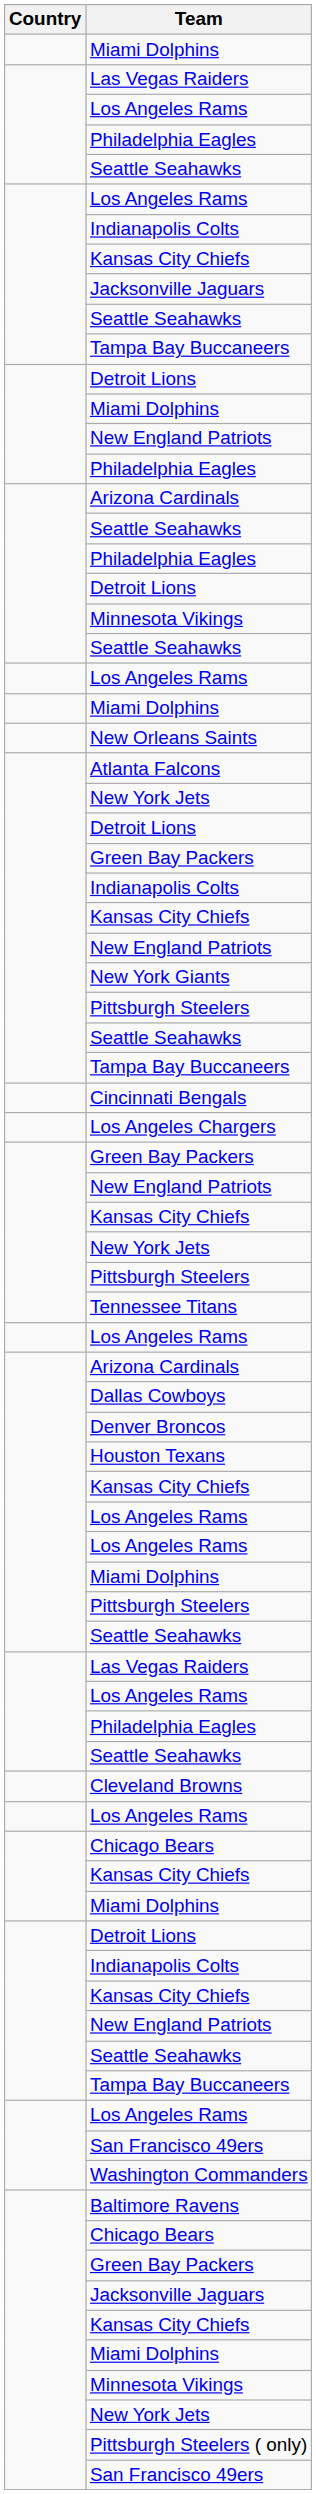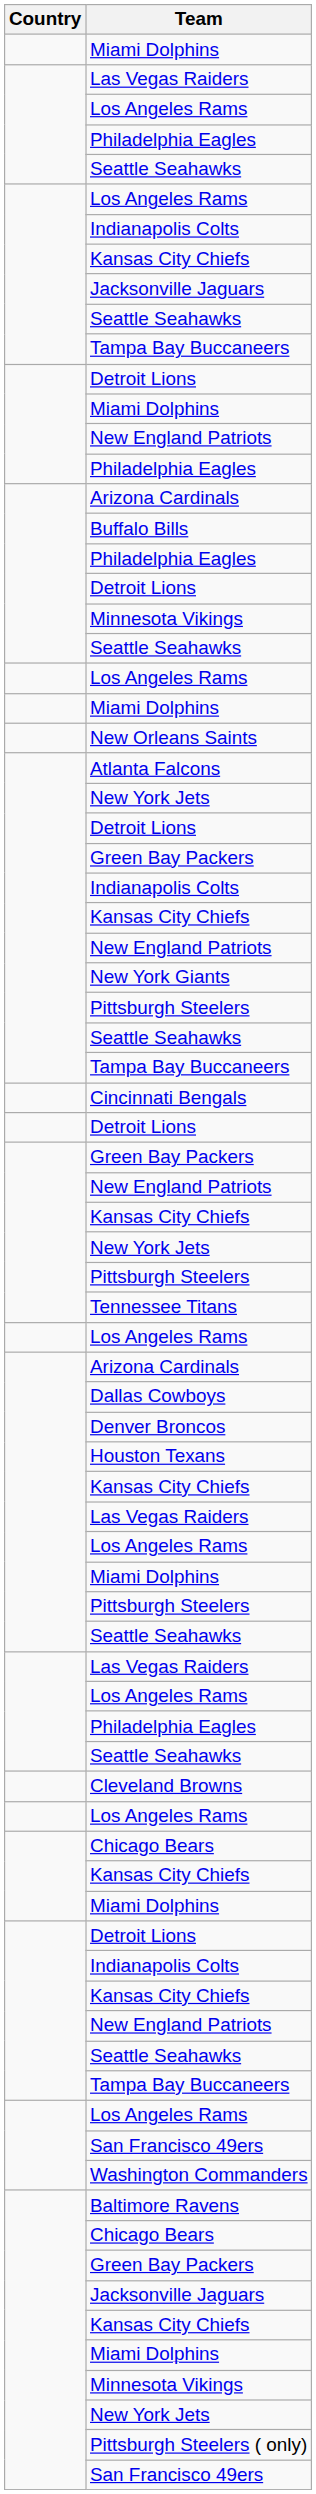 <table class="wikitable sortable">
 <tr>
 <th>Country</th>
 <th>Team</th>
 </tr>
 <tr>
 <td></td>
 <td><a href='#'>Miami Dolphins</a></td>
 </tr>
 <tr>
 <td rowspan="4"></td>
 <td><a href='#'>Las Vegas Raiders</a></td>
 </tr>
 <tr>
 <td><a href='#'>Los Angeles Rams</a></td>
 </tr>
 <tr>
 <td><a href='#'>Philadelphia Eagles</a></td>
 </tr>
 <tr>
 <td><a href='#'>Seattle Seahawks</a></td>
 </tr>
 <tr>
 <td rowspan="6"></td>
 <td><a href='#'>Los Angeles Rams</a></td>
 </tr>
 <tr>
 <td><a href='#'>Indianapolis Colts</a></td>
 </tr>
 <tr>
 <td><a href='#'>Kansas City Chiefs</a></td>
 </tr>
 <tr>
 <td><a href='#'>Jacksonville Jaguars</a></td>
 </tr>
 <tr>
 <td><a href='#'>Seattle Seahawks</a></td>
 </tr>
 <tr>
 <td><a href='#'>Tampa Bay Buccaneers</a></td>
 </tr>
 <tr>
 <td rowspan="4"></td>
 <td><a href='#'>Detroit Lions</a></td>
 </tr>
 <tr>
 <td><a href='#'>Miami Dolphins</a></td>
 </tr>
 <tr>
 <td><a href='#'>New England Patriots</a></td>
 </tr>
 <tr>
 <td><a href='#'>Philadelphia Eagles</a></td>
 </tr>
 <tr>
 <td rowspan="6"></td>
 <td><a href='#'>Arizona Cardinals</a></td>
 </tr>
 <tr>
-<td><a href='#'>Seattle Seahawks</a></td>
+<td><a href='#'>Buffalo Bills</a></td>
 </tr>
 <tr>
 <td><a href='#'>Philadelphia Eagles</a></td>
 </tr>
 <tr>
 <td><a href='#'>Detroit Lions</a></td>
 </tr>
 <tr>
 <td><a href='#'>Minnesota Vikings</a></td>
 </tr>
 <tr>
 <td><a href='#'>Seattle Seahawks</a></td>
 </tr>
 <tr>
 <td></td>
 <td><a href='#'>Los Angeles Rams</a></td>
 </tr>
 <tr>
 <td></td>
 <td><a href='#'>Miami Dolphins</a></td>
 </tr>
 <tr>
 <td></td>
 <td><a href='#'>New Orleans Saints</a></td>
 </tr>
 <tr>
 <td rowspan="11"></td>
 <td><a href='#'>Atlanta Falcons</a></td>
 </tr>
 <tr>
 <td><a href='#'>New York Jets</a></td>
 </tr>
 <tr>
 <td><a href='#'>Detroit Lions</a></td>
 </tr>
 <tr>
 <td><a href='#'>Green Bay Packers</a></td>
 </tr>
 <tr>
 <td><a href='#'>Indianapolis Colts</a></td>
 </tr>
 <tr>
 <td><a href='#'>Kansas City Chiefs</a></td>
 </tr>
 <tr>
 <td><a href='#'>New England Patriots</a></td>
 </tr>
 <tr>
 <td><a href='#'>New York Giants</a></td>
 </tr>
 <tr>
 <td><a href='#'>Pittsburgh Steelers</a></td>
 </tr>
 <tr>
 <td><a href='#'>Seattle Seahawks</a></td>
 </tr>
 <tr>
 <td><a href='#'>Tampa Bay Buccaneers</a></td>
 </tr>
 <tr>
 <td></td>
 <td><a href='#'>Cincinnati Bengals</a></td>
 </tr>
 <tr>
 <td></td>
-<td><a href='#'>Los Angeles Chargers</a></td>
+<td><a href='#'>Detroit Lions</a></td>
 </tr>
 <tr>
 <td rowspan="6"></td>
 <td><a href='#'>Green Bay Packers</a></td>
 </tr>
 <tr>
 <td><a href='#'>New England Patriots</a></td>
 </tr>
 <tr>
 <td><a href='#'>Kansas City Chiefs</a></td>
 </tr>
 <tr>
 <td><a href='#'>New York Jets</a></td>
 </tr>
 <tr>
 <td><a href='#'>Pittsburgh Steelers</a></td>
 </tr>
 <tr>
 <td><a href='#'>Tennessee Titans</a></td>
 </tr>
 <tr>
 <td></td>
 <td><a href='#'>Los Angeles Rams</a></td>
 </tr>
 <tr>
 <td rowspan="10"></td>
 <td><a href='#'>Arizona Cardinals</a></td>
 </tr>
 <tr>
 <td><a href='#'>Dallas Cowboys</a></td>
 </tr>
 <tr>
 <td><a href='#'>Denver Broncos</a></td>
 </tr>
 <tr>
 <td><a href='#'>Houston Texans</a></td>
 </tr>
 <tr>
 <td><a href='#'>Kansas City Chiefs</a></td>
 </tr>
 <tr>
-<td><a href='#'>Los Angeles Rams</a></td>
+<td><a href='#'>Las Vegas Raiders</a></td>
 </tr>
 <tr>
 <td><a href='#'>Los Angeles Rams</a></td>
 </tr>
 <tr>
 <td><a href='#'>Miami Dolphins</a></td>
 </tr>
 <tr>
 <td><a href='#'>Pittsburgh Steelers</a></td>
 </tr>
 <tr>
 <td><a href='#'>Seattle Seahawks</a></td>
 </tr>
 <tr>
 <td rowspan="4"></td>
 <td><a href='#'>Las Vegas Raiders</a></td>
 </tr>
 <tr>
 <td><a href='#'>Los Angeles Rams</a></td>
 </tr>
 <tr>
 <td><a href='#'>Philadelphia Eagles</a></td>
 </tr>
 <tr>
 <td><a href='#'>Seattle Seahawks</a></td>
 </tr>
 <tr>
 <td></td>
 <td><a href='#'>Cleveland Browns</a></td>
 </tr>
 <tr>
 <td></td>
 <td><a href='#'>Los Angeles Rams</a></td>
 </tr>
 <tr>
 <td rowspan="3"></td>
 <td><a href='#'>Chicago Bears</a></td>
 </tr>
 <tr>
 <td><a href='#'>Kansas City Chiefs</a></td>
 </tr>
 <tr>
 <td><a href='#'>Miami Dolphins</a></td>
 </tr>
 <tr>
 <td rowspan="6"></td>
 <td><a href='#'>Detroit Lions</a></td>
 </tr>
 <tr>
 <td><a href='#'>Indianapolis Colts</a></td>
 </tr>
 <tr>
 <td><a href='#'>Kansas City Chiefs</a></td>
 </tr>
 <tr>
 <td><a href='#'>New England Patriots</a></td>
 </tr>
 <tr>
 <td><a href='#'>Seattle Seahawks</a></td>
 </tr>
 <tr>
 <td><a href='#'>Tampa Bay Buccaneers</a></td>
 </tr>
 <tr>
 <td rowspan="3"></td>
 <td><a href='#'>Los Angeles Rams</a></td>
 </tr>
 <tr>
 <td><a href='#'>San Francisco 49ers</a></td>
 </tr>
 <tr>
 <td><a href='#'>Washington Commanders</a></td>
 </tr>
 <tr>
 <td rowspan="10"></td>
 <td><a href='#'>Baltimore Ravens</a></td>
 </tr>
 <tr>
 <td><a href='#'>Chicago Bears</a></td>
 </tr>
 <tr>
 <td><a href='#'>Green Bay Packers</a></td>
 </tr>
 <tr>
 <td><a href='#'>Jacksonville Jaguars</a></td>
 </tr>
 <tr>
 <td><a href='#'>Kansas City Chiefs</a></td>
 </tr>
 <tr>
 <td><a href='#'>Miami Dolphins</a></td>
 </tr>
 <tr>
 <td><a href='#'>Minnesota Vikings</a></td>
 </tr>
 <tr>
 <td><a href='#'>New York Jets</a></td>
 </tr>
 <tr>
 <td><a href='#'>Pittsburgh Steelers</a> ( only)</td>
 </tr>
 <tr>
 <td><a href='#'>San Francisco 49ers</a></td>
 </tr>
 </table>
